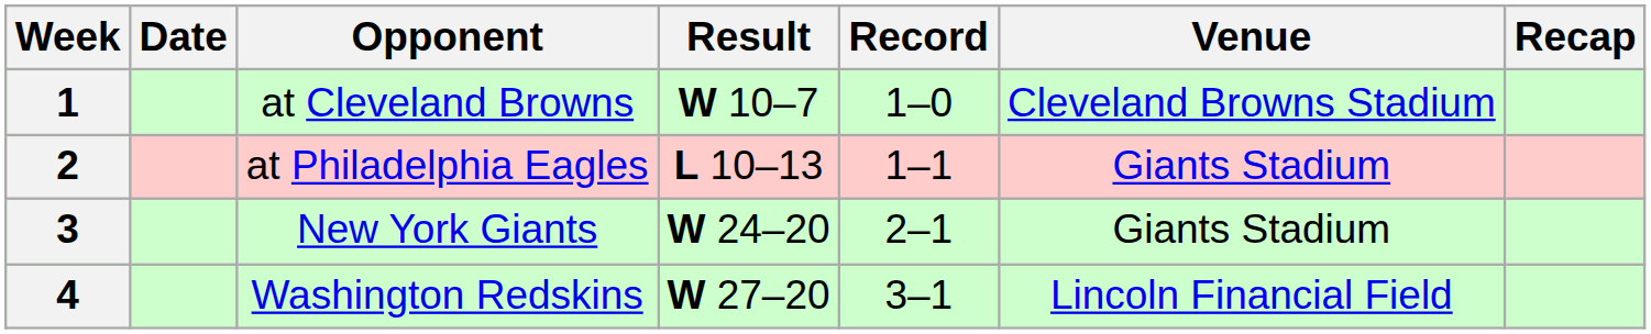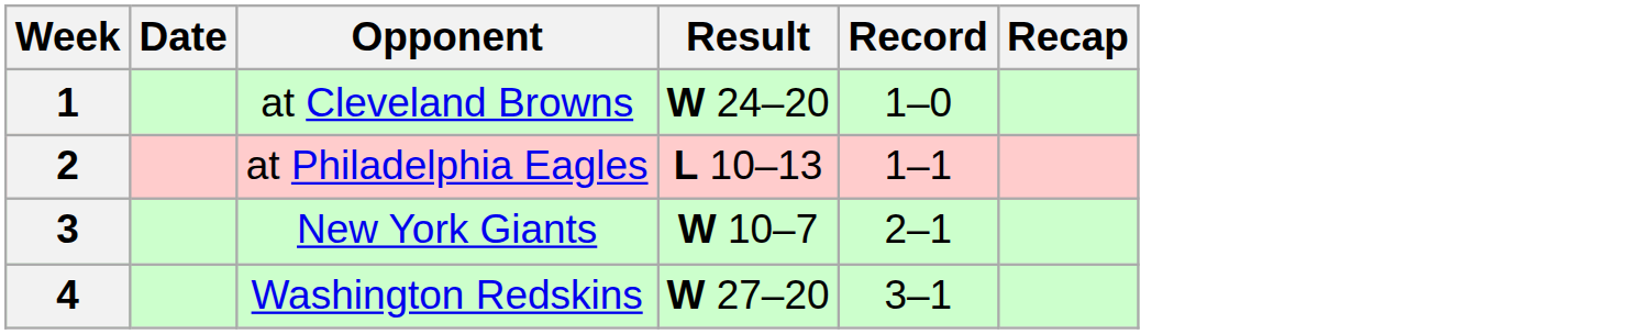 <table class="wikitable" style="text-align:center">
 <tr>
 <th>Week</th>
 <th>Date</th>
 <th>Opponent</th>
 <th>Result</th>
 <th>Record</th>
-<th>Venue</th>
 <th>Recap</th>
 </tr>
 <tr style="background:#cfc">
 <th>1</th>
 <td></td>
 <td>at <a href='#'>Cleveland Browns</a></td>
-<td><strong>W</strong> 10–7</td>
+<td><strong>W</strong> 24–20</td>
 <td>1–0</td>
-<td><a href='#'>Cleveland Browns Stadium</a></td>
 <td></td>
 </tr>
 <tr style="background:#fcc">
 <th>2</th>
 <td></td>
 <td>at <a href='#'>Philadelphia Eagles</a></td>
 <td><strong>L</strong> 10–13</td>
 <td>1–1</td>
-<td><a href='#'>Giants Stadium</a></td>
 <td></td>
 </tr>
 <tr style="background:#cfc">
 <th>3</th>
 <td></td>
 <td><a href='#'>New York Giants</a></td>
-<td><strong>W</strong> 24–20</td>
+<td><strong>W</strong> 10–7</td>
 <td>2–1</td>
-<td>Giants Stadium</td>
 <td></td>
 </tr>
 <tr style="background:#cfc">
 <th>4</th>
 <td></td>
 <td><a href='#'>Washington Redskins</a></td>
 <td><strong>W</strong> 27–20</td>
 <td>3–1</td>
-<td><a href='#'>Lincoln Financial Field</a></td>
 <td></td>
 </tr>
 </table>
